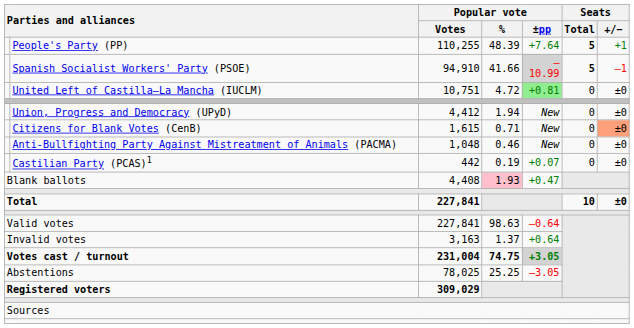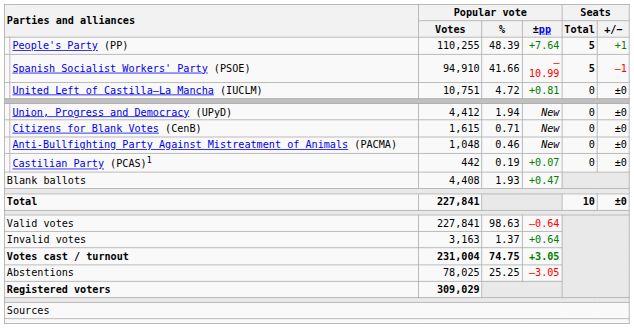 <table class="wikitable" style="text-align:right;">
 <tr>
 <th style="text-align:left;" rowspan="2" colspan="2" width="525">Parties and alliances</th>
 <th colspan="3">Popular vote</th>
 <th colspan="2">Seats</th>
 </tr>
 <tr>
 <th width="75">Votes</th>
 <th width="45">%</th>
 <th width="45">±<a href='#'>pp</a></th>
 <th width="35">Total</th>
 <th width="35">+/−</th>
 </tr>
 <tr>
 <td width="1" style="color:inherit;background:"></td>
 <td align="left"><a href='#'>People's Party</a> (PP)</td>
 <td>110,255</td>
 <td>48.39</td>
 <td style="color:green;">+7.64</td>
 <td><strong>5</strong></td>
 <td style="color:green;">+1</td>
 </tr>
 <tr>
 <td style="color:inherit;background:"></td>
 <td align="left"><a href='#'>Spanish Socialist Workers' Party</a> (PSOE)</td>
 <td>94,910</td>
 <td>41.66</td>
-<td style="background: lightgrey; color:red;">–10.99</td>
+<td style="color:red;">–10.99</td>
 <td><strong>5</strong></td>
 <td style="color:red;">–1</td>
 </tr>
 <tr>
 <td style="color:inherit;background:"></td>
 <td align="left"><a href='#'>United Left of Castilla–La Mancha</a> (IUCLM)</td>
 <td>10,751</td>
 <td>4.72</td>
-<td style="background: lightgreen; color:green;">+0.81</td>
+<td style="color:green;">+0.81</td>
 <td>0</td>
 <td>±0</td>
 </tr>
 <tr>
 <td colspan="7" bgcolor="#C0C0C0"></td>
 </tr>
 <tr>
 <td style="color:inherit;background:"></td>
 <td align="left"><a href='#'>Union, Progress and Democracy</a> (UPyD)</td>
 <td>4,412</td>
 <td>1.94</td>
 <td><em>New</em></td>
 <td>0</td>
 <td>±0</td>
 </tr>
 <tr>
 <td style="color:inherit;background:"></td>
 <td align="left"><a href='#'>Citizens for Blank Votes</a> (CenB)</td>
 <td>1,615</td>
 <td>0.71</td>
 <td><em>New</em></td>
 <td>0</td>
-<td style="background: lightsalmon;">±0</td>
+<td>±0</td>
 </tr>
 <tr>
 <td style="color:inherit;background:"></td>
 <td align="left"><a href='#'>Anti-Bullfighting Party Against Mistreatment of Animals</a> (PACMA)</td>
 <td>1,048</td>
 <td>0.46</td>
 <td><em>New</em></td>
 <td>0</td>
 <td>±0</td>
 </tr>
 <tr>
 <td style="color:inherit;background:"></td>
 <td align="left"><a href='#'>Castilian Party</a> (PCAS)<sup>1</sup></td>
 <td>442</td>
 <td>0.19</td>
 <td style="color:green;">+0.07</td>
 <td>0</td>
 <td>±0</td>
 </tr>
 <tr>
 <td align="left" colspan="2">Blank ballots</td>
 <td>4,408</td>
-<td style="background: pink;">1.93</td>
+<td>1.93</td>
 <td style="color:green;">+0.47</td>
 <td bgcolor="#E9E9E9" colspan="2"></td>
 </tr>
 <tr>
 <td colspan="7" bgcolor="#E9E9E9"></td>
 </tr>
 <tr style="font-weight:bold;">
 <td align="left" colspan="2">Total</td>
 <td>227,841</td>
 <td bgcolor="#E9E9E9" colspan="2"></td>
 <td>10</td>
 <td>±0</td>
 </tr>
 <tr>
 <td colspan="7" bgcolor="#E9E9E9"></td>
 </tr>
 <tr>
 <td align="left" colspan="2">Valid votes</td>
 <td>227,841</td>
 <td>98.63</td>
 <td style="color:red;">–0.64</td>
 <td bgcolor="#E9E9E9" colspan="2" rowspan="5"></td>
 </tr>
 <tr>
 <td align="left" colspan="2">Invalid votes</td>
 <td>3,163</td>
 <td>1.37</td>
 <td style="color:green;">+0.64</td>
 </tr>
 <tr style="font-weight:bold;">
 <td align="left" colspan="2">Votes cast / turnout</td>
 <td>231,004</td>
 <td>74.75</td>
-<td style="background: lightgrey; color:green;">+3.05</td>
+<td style="color:green;">+3.05</td>
 </tr>
 <tr>
 <td align="left" colspan="2">Abstentions</td>
 <td>78,025</td>
 <td>25.25</td>
 <td style="color:red;">–3.05</td>
 </tr>
 <tr style="font-weight:bold;">
 <td align="left" colspan="2">Registered voters</td>
 <td>309,029</td>
 <td bgcolor="#E9E9E9" colspan="2"></td>
 </tr>
 <tr>
 <td colspan="7" bgcolor="#E9E9E9"></td>
 </tr>
 <tr>
 <td align="left" colspan="7">Sources</td>
 </tr>
 <tr>
 <td colspan="7" style="text-align:left; max-width:790px;"></td>
 </tr>
 </table>
